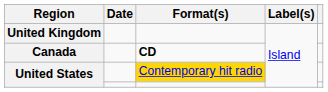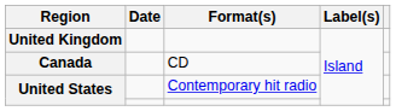 <table class="wikitable plainrowheaders">
 <tr>
 <th scope="col">Region</th>
 <th scope="col">Date</th>
 <th scope="col">Format(s)</th>
 <th scope="col">Label(s)</th>
 <th scope="col"></th>
 </tr>
 <tr>
 <th scope="row">United Kingdom</th>
 <td></td>
 <td></td>
 <td rowspan="4"><a href='#'>Island</a></td>
 <td></td>
 </tr>
 <tr>
 <th scope="row">Canada</th>
 <td></td>
-<td><strong>CD</strong></td>
+<td>CD</td>
 <td></td>
 </tr>
 <tr>
 <th scope="row" rowspan="2">United States</th>
 <td></td>
-<td style="background: gold;"><a href='#'>Contemporary hit radio</a></td>
+<td><a href='#'>Contemporary hit radio</a></td>
 <td></td>
 </tr>
 <tr>
 <td></td>
 <td></td>
 <td></td>
 </tr>
 </table>
